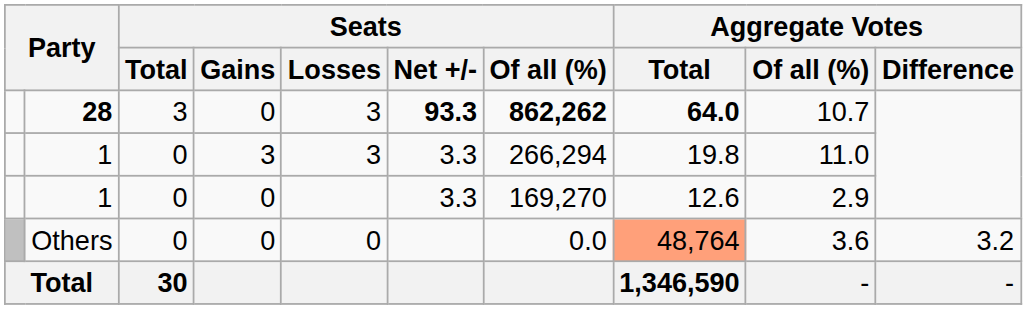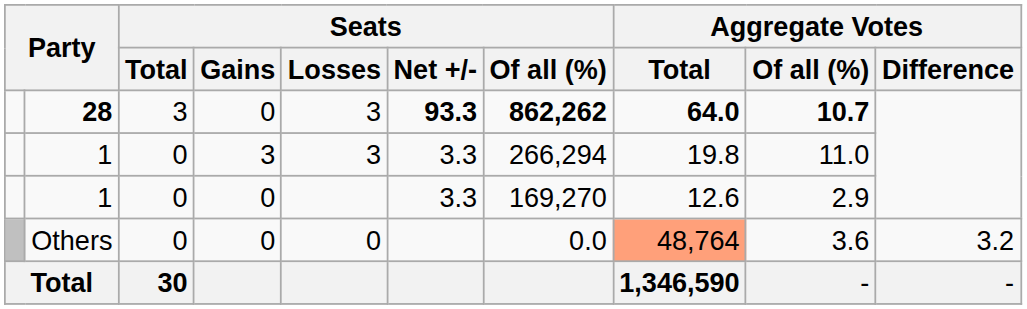 <table class="wikitable sortable" style="text-align:right; font-size:95%;">
 <tr>
 <th colspan="2" rowspan="2">Party</th>
 <th colspan="5">Seats</th>
 <th colspan="3">Aggregate Votes</th>
 </tr>
 <tr>
 <th>Total</th>
 <th>Gains</th>
 <th>Losses</th>
 <th>Net +/-</th>
 <th>Of all (%)</th>
 <th>Total</th>
 <th>Of all (%)</th>
 <th>Difference</th>
 </tr>
 <tr>
 <td></td>
 <td><strong>28</strong></td>
 <td>3</td>
 <td>0</td>
 <td>3</td>
 <td><strong>93.3</strong></td>
 <td><strong>862,262</strong></td>
 <td><strong>64.0</strong></td>
-<td>10.7</td>
+<td><strong>10.7</strong></td>
 </tr>
 <tr>
 <td></td>
 <td>1</td>
 <td>0</td>
 <td>3</td>
 <td>3</td>
 <td>3.3</td>
 <td>266,294</td>
 <td>19.8</td>
 <td>11.0</td>
 </tr>
 <tr>
 <td></td>
 <td>1</td>
 <td>0</td>
 <td>0</td>
 <td></td>
 <td>3.3</td>
 <td>169,270</td>
 <td>12.6</td>
 <td>2.9</td>
 </tr>
 <tr>
 <td style="background:silver;"> </td>
 <td align=left>Others</td>
 <td>0</td>
 <td>0</td>
 <td>0</td>
 <td></td>
 <td>0.0</td>
 <td style="background: lightsalmon;">48,764</td>
 <td>3.6</td>
 <td>3.2</td>
 </tr>
 <tr class="sortbottom">
 <th colspan="2" style="background:#f2f2f2"><strong>Total</strong></th>
 <td style="background:#f2f2f2;"><strong>30</strong></td>
 <td style="background:#f2f2f2;"></td>
 <td style="background:#f2f2f2;"></td>
 <td style="background:#f2f2f2;"></td>
 <td style="background:#f2f2f2;"></td>
 <td style="background:#f2f2f2;"><strong>1,346,590</strong></td>
 <td style="background:#f2f2f2;">-</td>
 <td style="background:#f2f2f2;">-</td>
 </tr>
 </table>
